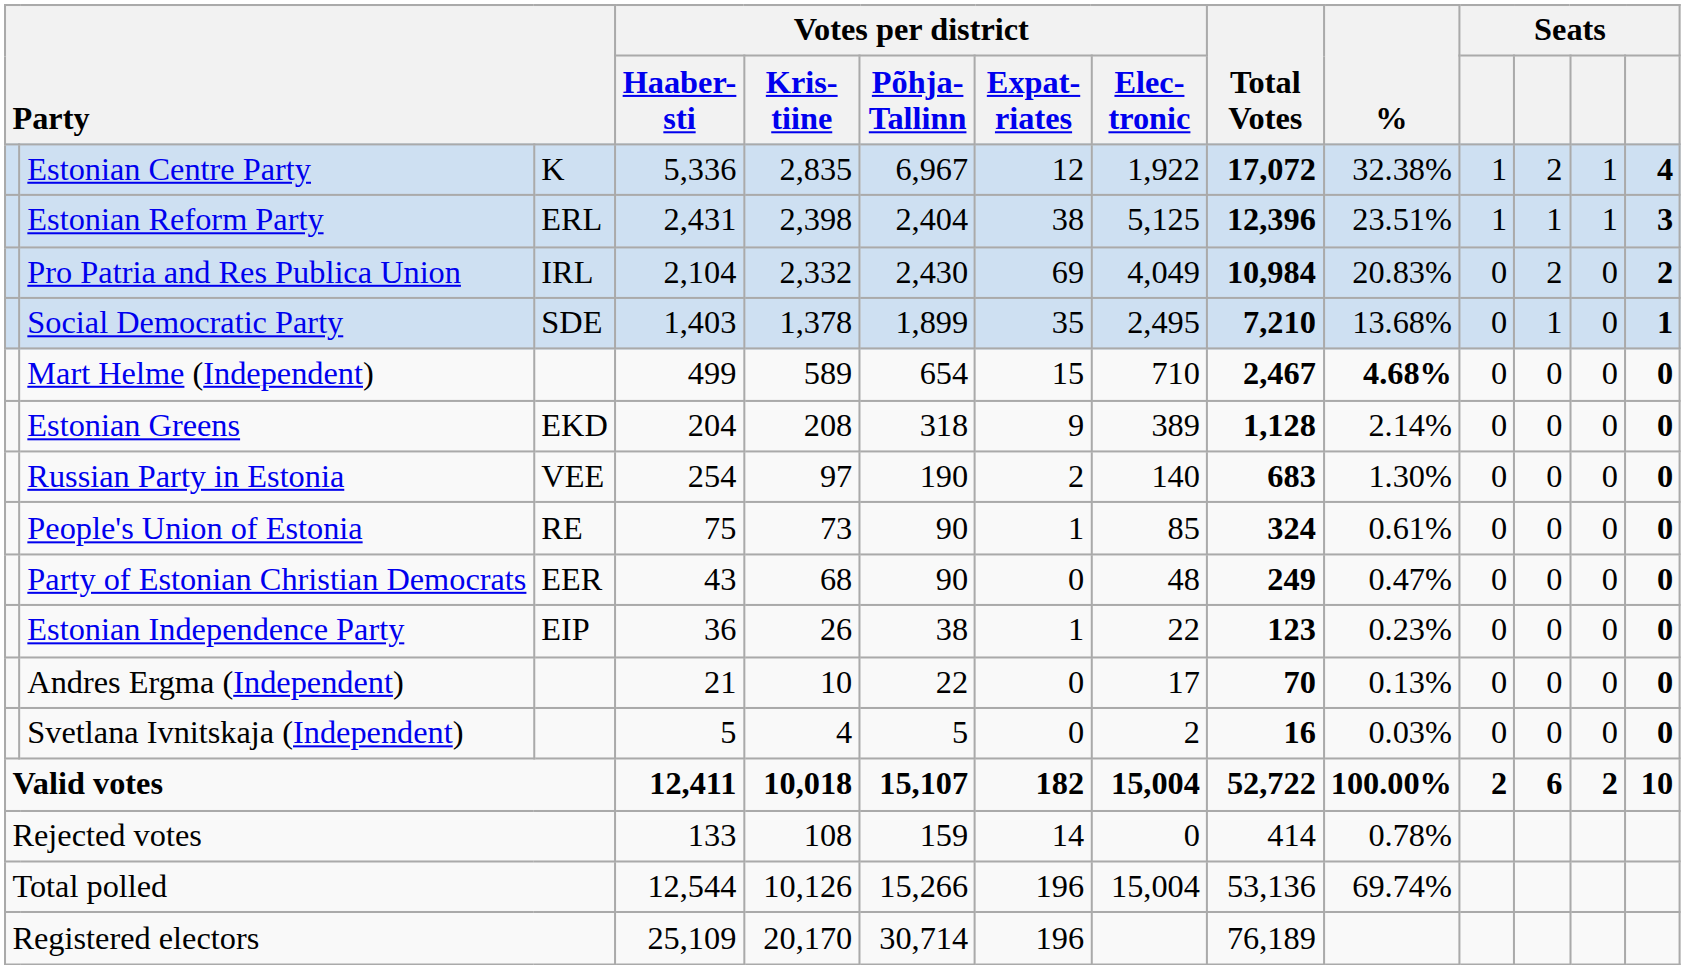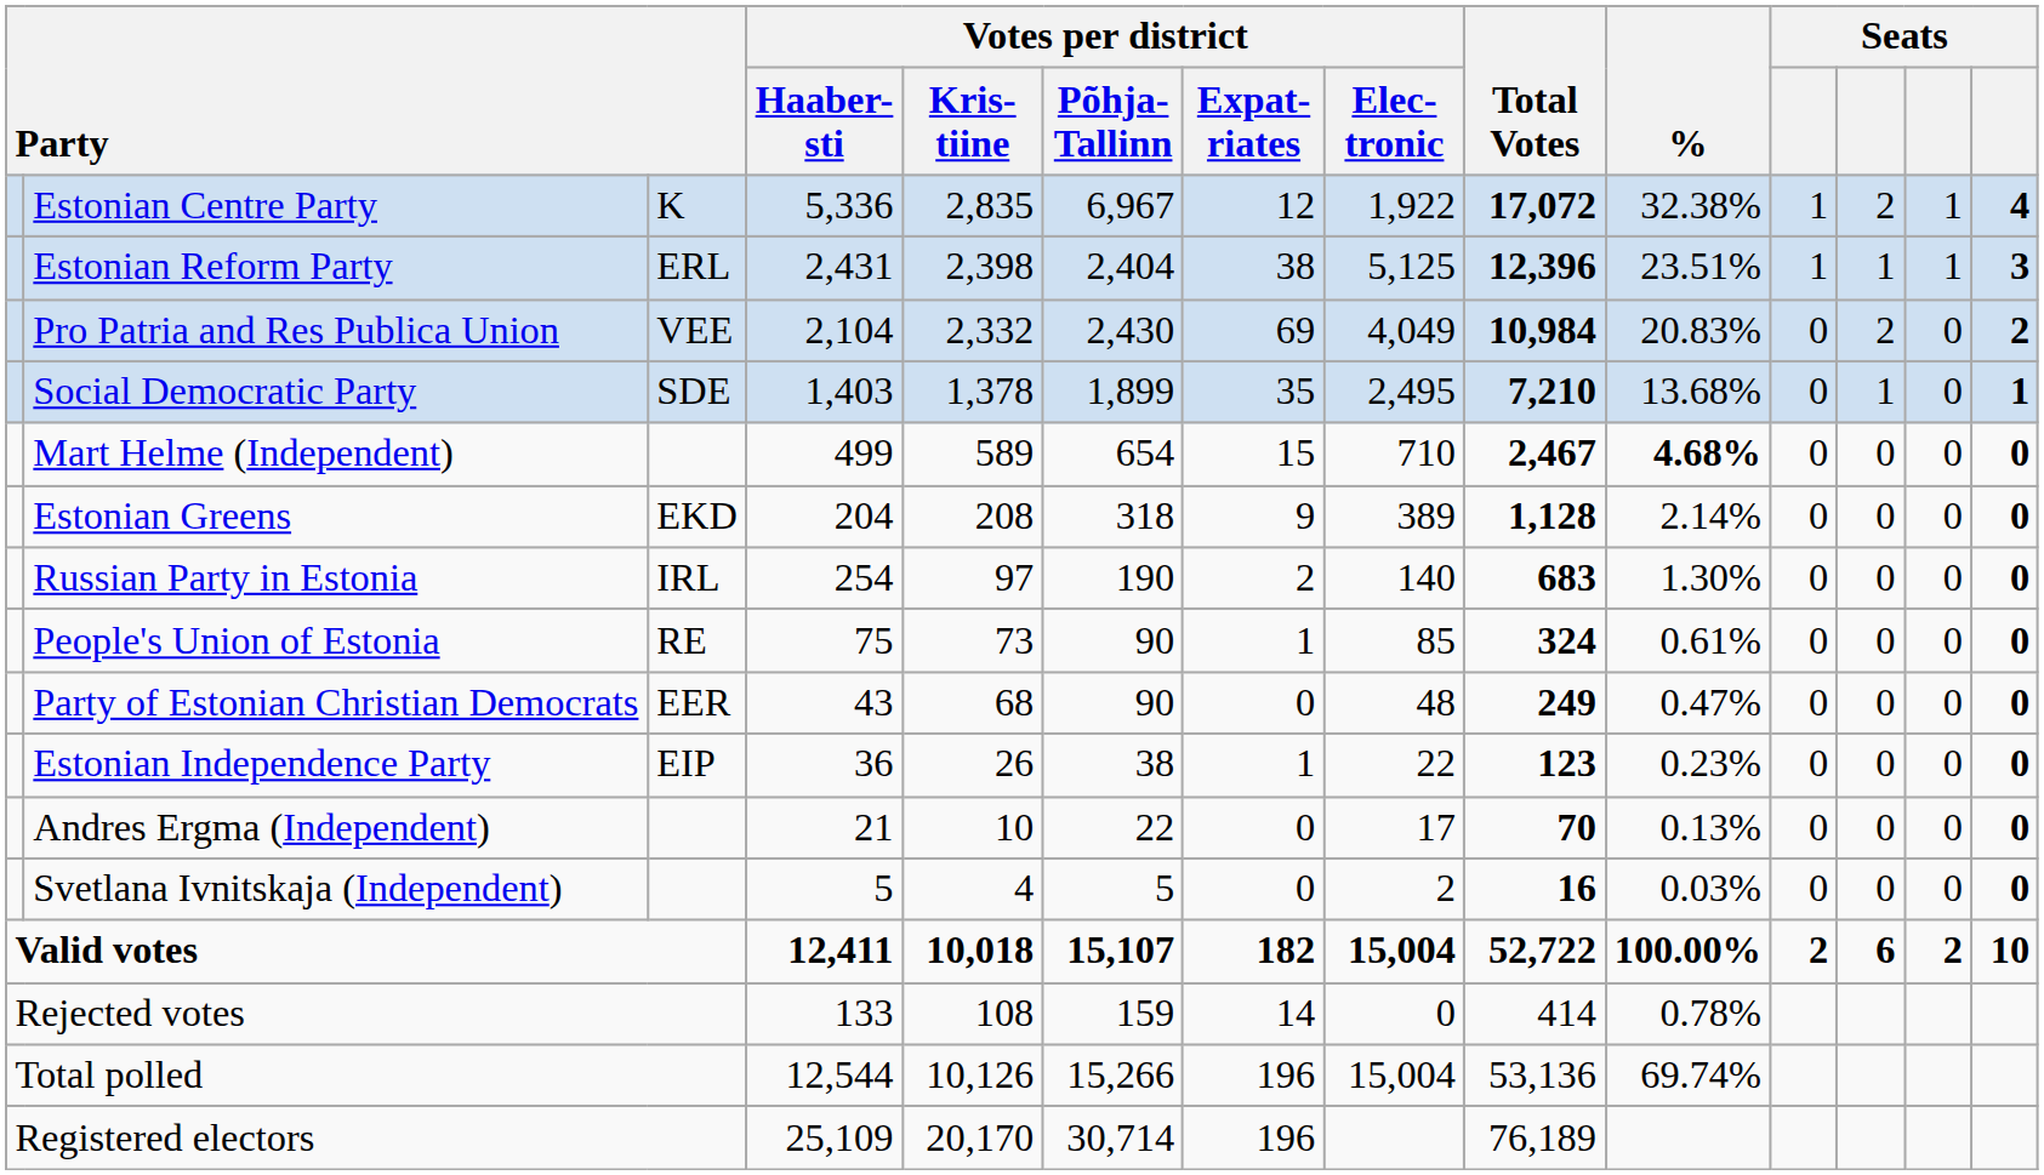 <table class="wikitable" border="1" style="text-align:right;">
 <tr>
 <th style="text-align:left;" valign=bottom rowspan=2 colspan=3>Party</th>
 <th colspan=5>Votes per district</th>
 <th align=center valign=bottom rowspan=2 width="50">Total Votes</th>
 <th align=center valign=bottom rowspan=2 width="50">%</th>
 <th colspan=4>Seats</th>
 </tr>
 <tr>
 <th align=center valign=bottom width="50"><a href='#'>Haaber- sti</a></th>
 <th align=center valign=bottom width="50"><a href='#'>Kris- tiine</a></th>
 <th align=center valign=bottom width="50"><a href='#'>Põhja- Tallinn</a></th>
 <th align=center valign=bottom width="50"><a href='#'>Expat- riates</a></th>
 <th align=center valign=bottom width="50"><a href='#'>Elec- tronic</a></th>
 <th align=center valign=bottom width="20"><small></small></th>
 <th align=center valign=bottom width="20"><small></small></th>
 <th align=center valign=bottom width="20"><small></small></th>
 <th align=center valign=bottom width="20"><small></small></th>
 </tr>
 <tr style="background:#CEE0F2;">
 <td style="background:"></td>
 <td align=left><a href='#'>Estonian Centre Party</a></td>
 <td align=left>K</td>
 <td>5,336</td>
 <td>2,835</td>
 <td>6,967</td>
 <td>12</td>
 <td>1,922</td>
 <td><strong>17,072</strong></td>
 <td>32.38%</td>
 <td>1</td>
 <td>2</td>
 <td>1</td>
 <td><strong>4</strong></td>
 </tr>
 <tr style="background:#CEE0F2;">
 <td style="background:"></td>
 <td align=left><a href='#'>Estonian Reform Party</a></td>
 <td align=left>ERL</td>
 <td>2,431</td>
 <td>2,398</td>
 <td>2,404</td>
 <td>38</td>
 <td>5,125</td>
 <td><strong>12,396</strong></td>
 <td>23.51%</td>
 <td>1</td>
 <td>1</td>
 <td>1</td>
 <td><strong>3</strong></td>
 </tr>
 <tr style="background:#CEE0F2;">
 <td style="background:"></td>
 <td align=left><a href='#'>Pro Patria and Res Publica Union</a></td>
-<td align=left>IRL</td>
+<td align=left>VEE</td>
 <td>2,104</td>
 <td>2,332</td>
 <td>2,430</td>
 <td>69</td>
 <td>4,049</td>
 <td><strong>10,984</strong></td>
 <td>20.83%</td>
 <td>0</td>
 <td>2</td>
 <td>0</td>
 <td><strong>2</strong></td>
 </tr>
 <tr style="background:#CEE0F2;">
 <td style="background:"></td>
 <td align=left><a href='#'>Social Democratic Party</a></td>
 <td align=left>SDE</td>
 <td>1,403</td>
 <td>1,378</td>
 <td>1,899</td>
 <td>35</td>
 <td>2,495</td>
 <td><strong>7,210</strong></td>
 <td>13.68%</td>
 <td>0</td>
 <td>1</td>
 <td>0</td>
 <td><strong>1</strong></td>
 </tr>
 <tr>
 <td style="background:"></td>
 <td align=left><a href='#'>Mart Helme</a> (<a href='#'>Independent</a>)</td>
 <td></td>
 <td>499</td>
 <td>589</td>
 <td>654</td>
 <td>15</td>
 <td>710</td>
 <td><strong>2,467</strong></td>
 <td><strong>4.68%</strong></td>
 <td>0</td>
 <td>0</td>
 <td>0</td>
 <td><strong>0</strong></td>
 </tr>
 <tr>
 <td style="background:"></td>
 <td align=left><a href='#'>Estonian Greens</a></td>
 <td align=left>EKD</td>
 <td>204</td>
 <td>208</td>
 <td>318</td>
 <td>9</td>
 <td>389</td>
 <td><strong>1,128</strong></td>
 <td>2.14%</td>
 <td>0</td>
 <td>0</td>
 <td>0</td>
 <td><strong>0</strong></td>
 </tr>
 <tr>
 <td></td>
 <td align=left><a href='#'>Russian Party in Estonia</a></td>
-<td align=left>VEE</td>
+<td align=left>IRL</td>
 <td>254</td>
 <td>97</td>
 <td>190</td>
 <td>2</td>
 <td>140</td>
 <td><strong>683</strong></td>
 <td>1.30%</td>
 <td>0</td>
 <td>0</td>
 <td>0</td>
 <td><strong>0</strong></td>
 </tr>
 <tr>
 <td style="background:"></td>
 <td align=left><a href='#'>People's Union of Estonia</a></td>
 <td align=left>RE</td>
 <td>75</td>
 <td>73</td>
 <td>90</td>
 <td>1</td>
 <td>85</td>
 <td><strong>324</strong></td>
 <td>0.61%</td>
 <td>0</td>
 <td>0</td>
 <td>0</td>
 <td><strong>0</strong></td>
 </tr>
 <tr>
 <td style="background:"></td>
 <td align=left><a href='#'>Party of Estonian Christian Democrats</a></td>
 <td align=left>EER</td>
 <td>43</td>
 <td>68</td>
 <td>90</td>
 <td>0</td>
 <td>48</td>
 <td><strong>249</strong></td>
 <td>0.47%</td>
 <td>0</td>
 <td>0</td>
 <td>0</td>
 <td><strong>0</strong></td>
 </tr>
 <tr>
 <td style="background:"></td>
 <td align=left><a href='#'>Estonian Independence Party</a></td>
 <td align=left>EIP</td>
 <td>36</td>
 <td>26</td>
 <td>38</td>
 <td>1</td>
 <td>22</td>
 <td><strong>123</strong></td>
 <td>0.23%</td>
 <td>0</td>
 <td>0</td>
 <td>0</td>
 <td><strong>0</strong></td>
 </tr>
 <tr>
 <td style="background:"></td>
 <td align=left>Andres Ergma (<a href='#'>Independent</a>)</td>
 <td></td>
 <td>21</td>
 <td>10</td>
 <td>22</td>
 <td>0</td>
 <td>17</td>
 <td><strong>70</strong></td>
 <td>0.13%</td>
 <td>0</td>
 <td>0</td>
 <td>0</td>
 <td><strong>0</strong></td>
 </tr>
 <tr>
 <td style="background:"></td>
 <td align=left>Svetlana Ivnitskaja (<a href='#'>Independent</a>)</td>
 <td></td>
 <td>5</td>
 <td>4</td>
 <td>5</td>
 <td>0</td>
 <td>2</td>
 <td><strong>16</strong></td>
 <td>0.03%</td>
 <td>0</td>
 <td>0</td>
 <td>0</td>
 <td><strong>0</strong></td>
 </tr>
 <tr style="font-weight:bold">
 <td align=left colspan=3>Valid votes</td>
 <td>12,411</td>
 <td>10,018</td>
 <td>15,107</td>
 <td>182</td>
 <td>15,004</td>
 <td>52,722</td>
 <td>100.00%</td>
 <td>2</td>
 <td>6</td>
 <td>2</td>
 <td>10</td>
 </tr>
 <tr>
 <td align=left colspan=3>Rejected votes</td>
 <td>133</td>
 <td>108</td>
 <td>159</td>
 <td>14</td>
 <td>0</td>
 <td>414</td>
 <td>0.78%</td>
 <td></td>
 <td></td>
 <td></td>
 <td></td>
 </tr>
 <tr>
 <td align=left colspan=3>Total polled</td>
 <td>12,544</td>
 <td>10,126</td>
 <td>15,266</td>
 <td>196</td>
 <td>15,004</td>
 <td>53,136</td>
 <td>69.74%</td>
 <td></td>
 <td></td>
 <td></td>
 <td></td>
 </tr>
 <tr>
 <td align=left colspan=3>Registered electors</td>
 <td>25,109</td>
 <td>20,170</td>
 <td>30,714</td>
 <td>196</td>
 <td></td>
 <td>76,189</td>
 <td></td>
 <td></td>
 <td></td>
 <td></td>
 <td></td>
 </tr>
 </table>
